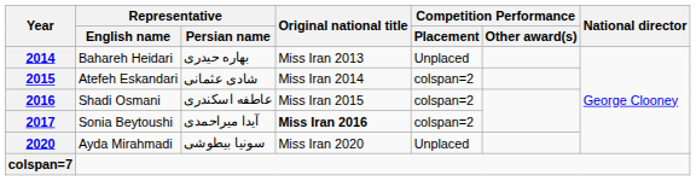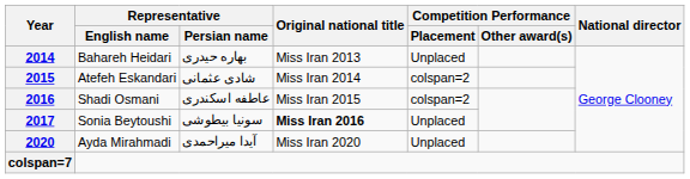 <table class="wikitable defaultcenter col2left col3right col7left" style="font-size:95%;">
 <tr>
 <th rowspan=2>Year</th>
 <th colspan=2>Representative</th>
 <th rowspan=2>Original national title</th>
 <th colspan=2>Competition Performance</th>
 <th rowspan=2>National director</th>
 </tr>
 <tr>
 <th>English name</th>
 <th>Persian name</th>
 <th>Placement</th>
 <th>Other award(s)</th>
 </tr>
 <tr>
 <th><a href='#'>2014</a></th>
 <td>Bahareh Heidari</td>
 <td>بهاره حیدری</td>
 <td>Miss Iran 2013</td>
 <td>Unplaced</td>
 <td></td>
 <td rowspan=5><a href='#'>George Clooney</a></td>
 </tr>
 <tr>
 <th><a href='#'>2015</a></th>
 <td>Atefeh Eskandari</td>
 <td>شادی عثمانی</td>
 <td>Miss Iran 2014</td>
 <td>colspan=2 </td>
 <td></td>
 </tr>
 <tr>
 <th><a href='#'>2016</a></th>
 <td>Shadi Osmani</td>
 <td>عاطفه اسکندری</td>
 <td>Miss Iran 2015</td>
 <td>colspan=2 </td>
 </tr>
 <tr>
 <th><a href='#'>2017</a></th>
 <td>Sonia Beytoushi</td>
-<td>آیدا میراحمدی</td>
+<td>سونیا بیطوشی</td>
 <td><strong>Miss Iran 2016</strong></td>
-<td>colspan=2 </td>
+<td>Unplaced</td>
 </tr>
 <tr>
 <th><a href='#'>2020</a></th>
 <td>Ayda Mirahmadi</td>
-<td>سونیا بیطوشی</td>
+<td>آیدا میراحمدی</td>
 <td>Miss Iran 2020</td>
 <td>Unplaced</td>
 <td></td>
 </tr>
 <tr>
 <th>colspan=7 </th>
 </tr>
 </table>
